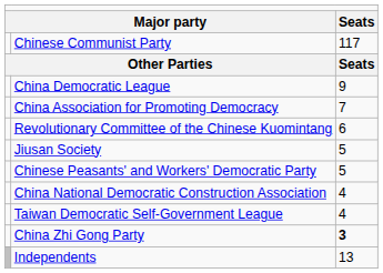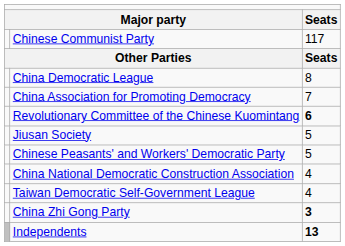 <table class="wikitable">
 <tr>
 <td colspan=6></td>
 </tr>
 <tr>
 <th colspan="2">Major party</th>
 <th>Seats</th>
 </tr>
 <tr>
 <td style="background: "></td>
 <td><a href='#'>Chinese Communist Party</a></td>
 <td>117</td>
 </tr>
 <tr>
 <th colspan="2">Other Parties</th>
 <th>Seats</th>
 </tr>
 <tr>
 <td style="background: "></td>
 <td><a href='#'>China Democratic League</a></td>
-<td>9</td>
+<td>8</td>
 </tr>
 <tr>
 <td style="background: "></td>
 <td><a href='#'>China Association for Promoting Democracy</a></td>
 <td>7</td>
 </tr>
 <tr>
 <td style="background: "></td>
 <td><a href='#'>Revolutionary Committee of the Chinese Kuomintang</a></td>
-<td>6</td>
+<td><strong>6</strong></td>
 </tr>
 <tr>
 <td style="background: "></td>
 <td><a href='#'>Jiusan Society</a></td>
 <td>5</td>
 </tr>
 <tr>
 <td style="background: "></td>
 <td><a href='#'>Chinese Peasants' and Workers' Democratic Party</a></td>
 <td>5</td>
 </tr>
 <tr>
 <td style="background: "></td>
 <td><a href='#'>China National Democratic Construction Association</a></td>
 <td>4</td>
 </tr>
 <tr>
 <td style="background: "></td>
 <td><a href='#'>Taiwan Democratic Self-Government League</a></td>
 <td>4</td>
 </tr>
 <tr>
 <td style="background: "></td>
 <td><a href='#'>China Zhi Gong Party</a></td>
 <td><strong>3</strong></td>
 </tr>
 <tr>
 <td style="background: #C0C0C0"></td>
 <td><a href='#'>Independents</a></td>
-<td>13</td>
+<td><strong>13</strong></td>
 </tr>
 </table>
